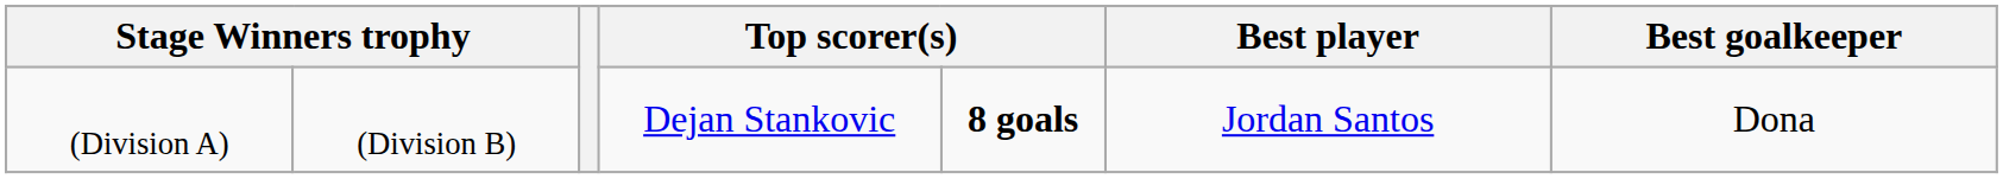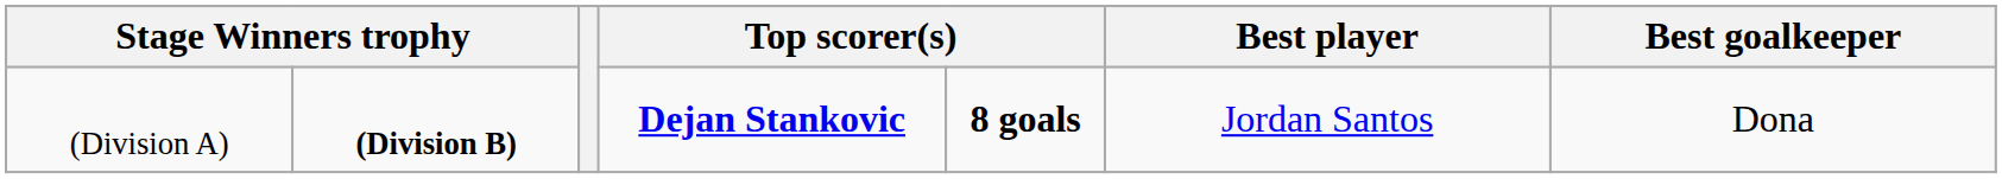 <table class="wikitable" style="text-align: center; font-size: 97%;">
 <tr>
 <th colspan=2 width=220>Stage Winners trophy</th>
 <th rowspan=2></th>
 <th colspan=2 width=200>Top scorer(s)</th>
 <th width=175>Best player</th>
 <th width=175>Best goalkeeper</th>
 </tr>
 <tr align=center style="background:">
 <td style="text-align:center;" width=110><br><small>(Division A)</small></td>
-<td width=110><br><small>(Division B)</small></td>
-<td> <a href='#'>Dejan Stankovic</a></td>
+<td width=110><strong><br><small>(Division B)</small></strong></td>
+<td><strong> <a href='#'>Dejan Stankovic</a></strong></td>
 <td><strong>8 goals</strong></td>
 <td> <a href='#'>Jordan Santos</a></td>
 <td> Dona</td>
 </tr>
 </table>
